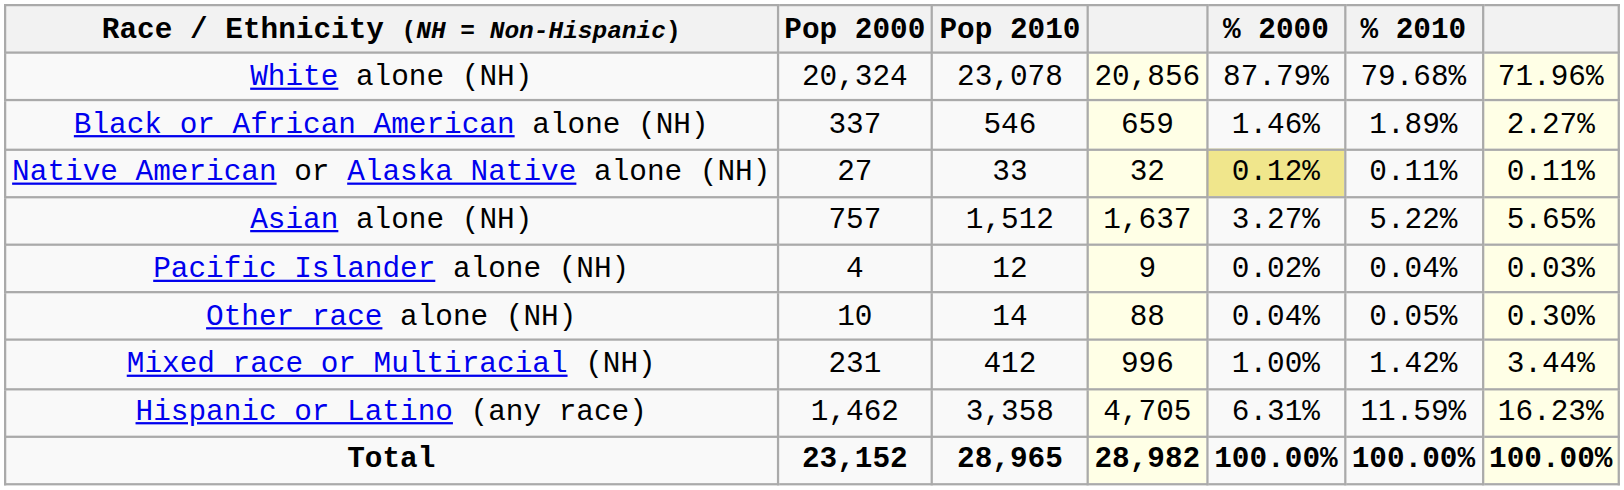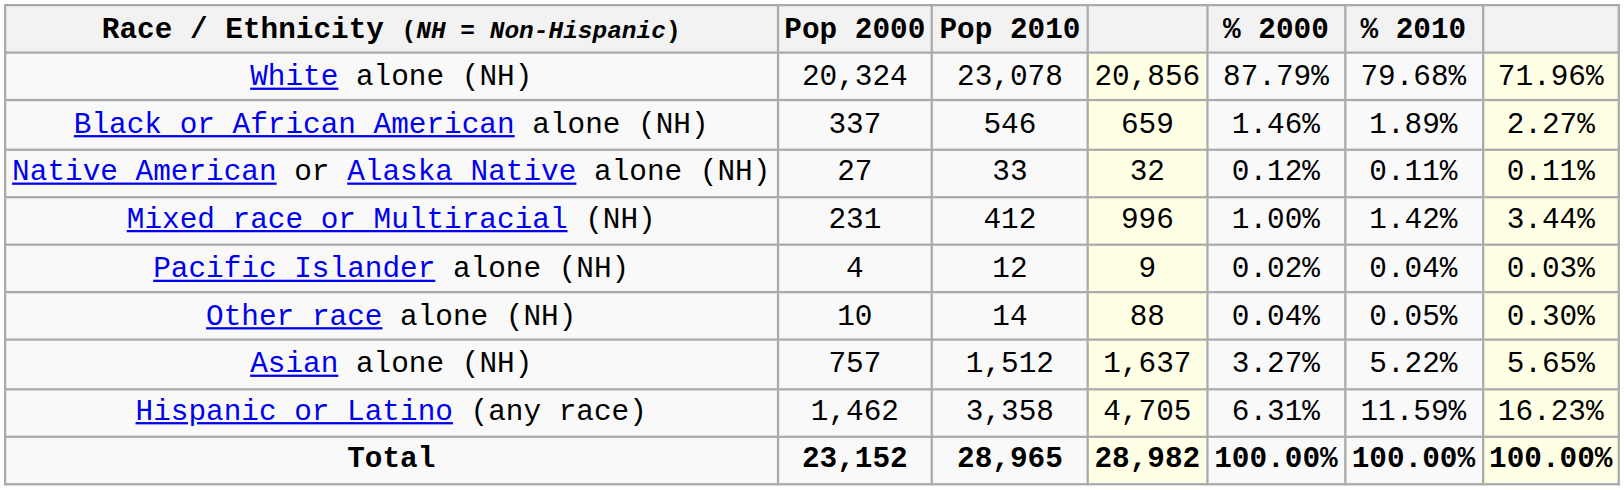 <table class="wikitable" style="text-align:center;">
 <tr>
 <th>Race / Ethnicity <small>(<em>NH = Non-Hispanic</em>)</small></th>
 <th>Pop 2000</th>
 <th>Pop 2010</th>
 <th></th>
 <th>% 2000</th>
 <th>% 2010</th>
 <th></th>
 </tr>
 <tr>
 <td><a href='#'>White</a> alone (NH)</td>
 <td>20,324</td>
 <td>23,078</td>
 <td style='background: #ffffe6;'>20,856</td>
 <td>87.79%</td>
 <td>79.68%</td>
 <td style='background: #ffffe6;'>71.96%</td>
 </tr>
 <tr>
 <td><a href='#'>Black or African American</a> alone (NH)</td>
 <td>337</td>
 <td>546</td>
 <td style='background: #ffffe6;'>659</td>
 <td>1.46%</td>
 <td>1.89%</td>
 <td style='background: #ffffe6;'>2.27%</td>
 </tr>
 <tr>
 <td><a href='#'>Native American</a> or <a href='#'>Alaska Native</a> alone (NH)</td>
 <td>27</td>
 <td>33</td>
 <td style='background: #ffffe6;'>32</td>
-<td style="background: khaki;">0.12%</td>
+<td>0.12%</td>
 <td>0.11%</td>
 <td style='background: #ffffe6;'>0.11%</td>
 </tr>
 <tr>
-<td><a href='#'>Asian</a> alone (NH)</td>
-<td>757</td>
-<td>1,512</td>
-<td style='background: #ffffe6;'>1,637</td>
-<td>3.27%</td>
-<td>5.22%</td>
-<td style='background: #ffffe6;'>5.65%</td>
+<td><a href='#'>Mixed race or Multiracial</a> (NH)</td>
+<td>231</td>
+<td>412</td>
+<td style='background: #ffffe6;'>996</td>
+<td>1.00%</td>
+<td>1.42%</td>
+<td style='background: #ffffe6;'>3.44%</td>
 </tr>
 <tr>
 <td><a href='#'>Pacific Islander</a> alone (NH)</td>
 <td>4</td>
 <td>12</td>
 <td style='background: #ffffe6;'>9</td>
 <td>0.02%</td>
 <td>0.04%</td>
 <td style='background: #ffffe6;'>0.03%</td>
 </tr>
 <tr>
 <td><a href='#'>Other race</a> alone (NH)</td>
 <td>10</td>
 <td>14</td>
 <td style='background: #ffffe6;'>88</td>
 <td>0.04%</td>
 <td>0.05%</td>
 <td style='background: #ffffe6;'>0.30%</td>
 </tr>
 <tr>
-<td><a href='#'>Mixed race or Multiracial</a> (NH)</td>
-<td>231</td>
-<td>412</td>
-<td style='background: #ffffe6;'>996</td>
-<td>1.00%</td>
-<td>1.42%</td>
-<td style='background: #ffffe6;'>3.44%</td>
+<td><a href='#'>Asian</a> alone (NH)</td>
+<td>757</td>
+<td>1,512</td>
+<td style='background: #ffffe6;'>1,637</td>
+<td>3.27%</td>
+<td>5.22%</td>
+<td style='background: #ffffe6;'>5.65%</td>
 </tr>
 <tr>
 <td><a href='#'>Hispanic or Latino</a> (any race)</td>
 <td>1,462</td>
 <td>3,358</td>
 <td style='background: #ffffe6;'>4,705</td>
 <td>6.31%</td>
 <td>11.59%</td>
 <td style='background: #ffffe6;'>16.23%</td>
 </tr>
 <tr>
 <td><strong>Total</strong></td>
 <td><strong>23,152</strong></td>
 <td><strong>28,965</strong></td>
 <td style='background: #ffffe6;'><strong>28,982</strong></td>
 <td><strong>100.00%</strong></td>
 <td><strong>100.00%</strong></td>
 <td style='background: #ffffe6;'><strong>100.00%</strong></td>
 </tr>
 </table>
